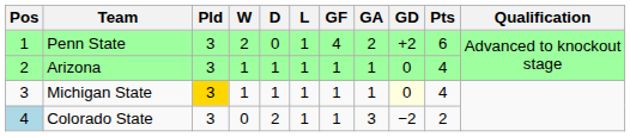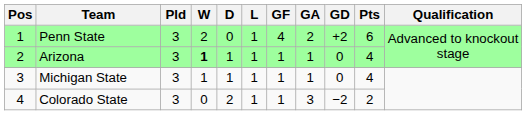 <table class="wikitable" style="text-align:center; margin: 1em auto">
 <tr>
 <th style="width:2em">Pos</th>
 <th style="width:13em">Team</th>
 <th style="width:2em">Pld</th>
 <th style="width:2em">W</th>
 <th style="width:2em">D</th>
 <th style="width:2em">L</th>
 <th style="width:2em">GF</th>
 <th style="width:2em">GA</th>
 <th style="width:2em">GD</th>
 <th style="width:2em">Pts</th>
 <th style="width:13em">Qualification</th>
 </tr>
 <tr bgcolor="#9eff9e">
 <td>1</td>
 <td style="text-align:left">Penn State</td>
 <td>3</td>
 <td>2</td>
 <td>0</td>
 <td>1</td>
 <td>4</td>
 <td>2</td>
 <td>+2</td>
 <td>6</td>
 <td rowspan="2">Advanced to knockout stage</td>
 </tr>
 <tr bgcolor="#9eff9e">
 <td>2</td>
 <td style="text-align:left">Arizona</td>
 <td>3</td>
-<td>1</td>
+<td><strong>1</strong></td>
 <td>1</td>
 <td>1</td>
 <td>1</td>
 <td>1</td>
 <td>0</td>
 <td>4</td>
 </tr>
 <tr>
 <td>3</td>
 <td style="text-align:left">Michigan State</td>
-<td style="background: gold;">3</td>
+<td>3</td>
 <td>1</td>
 <td>1</td>
 <td>1</td>
 <td>1</td>
 <td>1</td>
-<td style="background: lightyellow;">0</td>
+<td>0</td>
 <td>4</td>
 </tr>
 <tr>
-<td style="background: lightblue;">4</td>
+<td>4</td>
 <td style="text-align:left">Colorado State</td>
 <td>3</td>
 <td>0</td>
 <td>2</td>
 <td>1</td>
 <td>1</td>
 <td>3</td>
 <td>−2</td>
 <td>2</td>
 </tr>
 </table>
